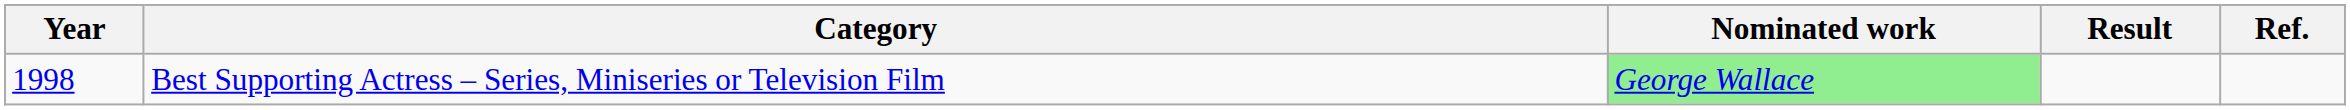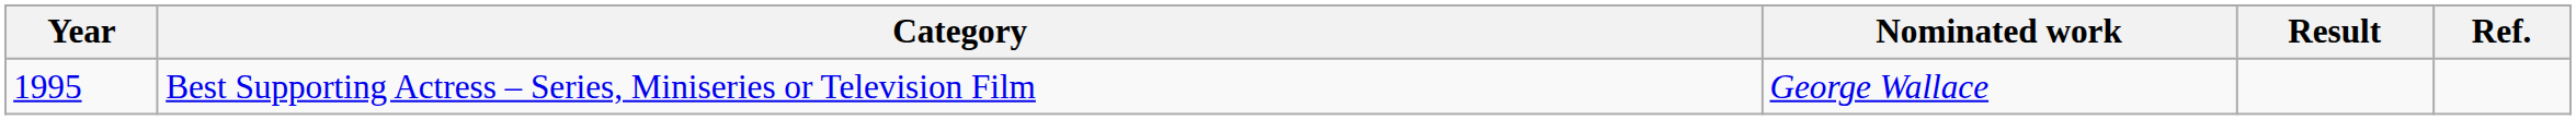 <table class="wikitable" style="width:95%;">
 <tr>
 <th>Year</th>
 <th>Category</th>
 <th>Nominated work</th>
 <th>Result</th>
 <th>Ref.</th>
 </tr>
 <tr>
-<td><a href='#'>1998</a></td>
+<td><a href='#'>1995</a></td>
 <td><a href='#'>Best Supporting Actress – Series, Miniseries or Television Film</a></td>
-<td style="background: lightgreen;"><em><a href='#'>George Wallace</a></em></td>
+<td><em><a href='#'>George Wallace</a></em></td>
 <td></td>
 <td align="center"></td>
 </tr>
 </table>
